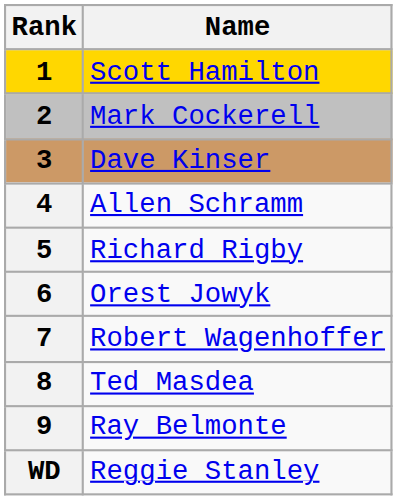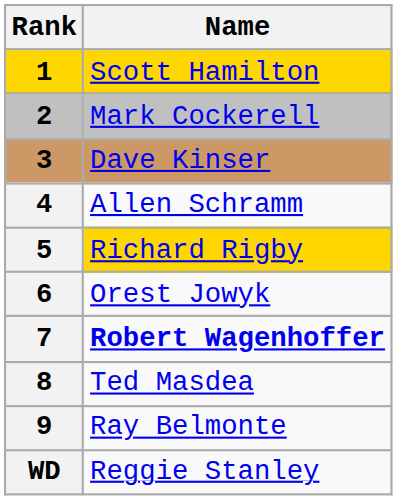 <table class="wikitable">
 <tr>
 <th>Rank</th>
 <th>Name</th>
 </tr>
 <tr bgcolor="gold">
 <td align="center"><strong>1</strong></td>
 <td><a href='#'>Scott Hamilton</a></td>
 </tr>
 <tr bgcolor="silver">
 <td align="center"><strong>2</strong></td>
 <td><a href='#'>Mark Cockerell</a></td>
 </tr>
 <tr bgcolor="cc9966">
 <td align="center"><strong>3</strong></td>
 <td><a href='#'>Dave Kinser</a></td>
 </tr>
 <tr>
 <th>4</th>
 <td><a href='#'>Allen Schramm</a></td>
 </tr>
 <tr>
 <th>5</th>
-<td><a href='#'>Richard Rigby</a></td>
+<td style="background: gold;"><a href='#'>Richard Rigby</a></td>
 </tr>
 <tr>
 <th>6</th>
 <td><a href='#'>Orest Jowyk</a></td>
 </tr>
 <tr>
 <th>7</th>
-<td><a href='#'>Robert Wagenhoffer</a></td>
+<td><strong><a href='#'>Robert Wagenhoffer</a></strong></td>
 </tr>
 <tr>
 <th>8</th>
 <td><a href='#'>Ted Masdea</a></td>
 </tr>
 <tr>
 <th>9</th>
 <td><a href='#'>Ray Belmonte</a></td>
 </tr>
 <tr>
 <th>WD</th>
 <td><a href='#'>Reggie Stanley</a></td>
 </tr>
 </table>
